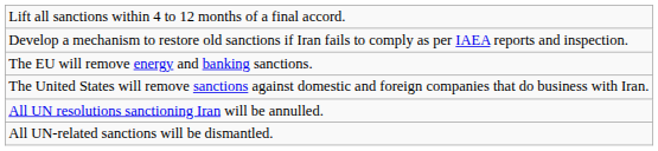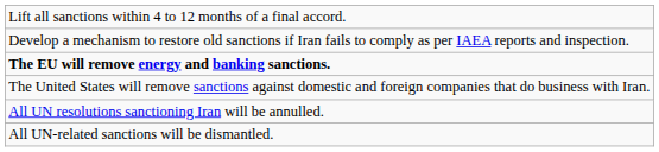 <table class="wikitable">
 <tr>
 <td>Lift all sanctions within 4 to 12 months of a final accord.</td>
 </tr>
 <tr>
 <td>Develop a mechanism to restore old sanctions if Iran fails to comply as per <a href='#'>IAEA</a> reports and inspection.</td>
 </tr>
 <tr>
-<td>The EU will remove <a href='#'>energy</a> and <a href='#'>banking</a> sanctions.</td>
+<td><strong>The EU will remove <a href='#'>energy</a> and <a href='#'>banking</a> sanctions.</strong></td>
 </tr>
 <tr>
 <td>The United States will remove <a href='#'>sanctions</a> against domestic and foreign companies that do business with Iran.</td>
 </tr>
 <tr>
 <td><a href='#'>All UN resolutions sanctioning Iran</a> will be annulled.</td>
 </tr>
 <tr>
 <td>All UN-related sanctions will be dismantled.</td>
 </tr>
 </table>
